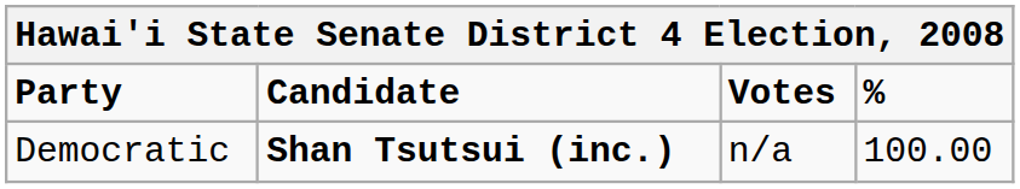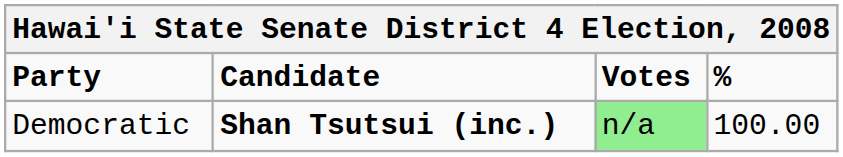 <table class="wikitable">
 <tr>
 <th colspan="4">Hawai'i State Senate District 4 Election, 2008</th>
 </tr>
 <tr>
 <td><strong>Party</strong></td>
 <td><strong>Candidate</strong></td>
 <td><strong>Votes</strong></td>
 <td><strong>%</strong></td>
 </tr>
 <tr>
 <td>Democratic</td>
 <td><strong>Shan Tsutsui (inc.)</strong></td>
-<td>n/a</td>
+<td style="background: lightgreen;">n/a</td>
 <td>100.00</td>
 </tr>
 </table>
